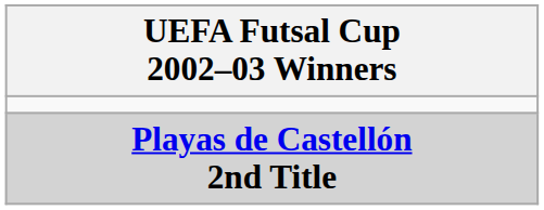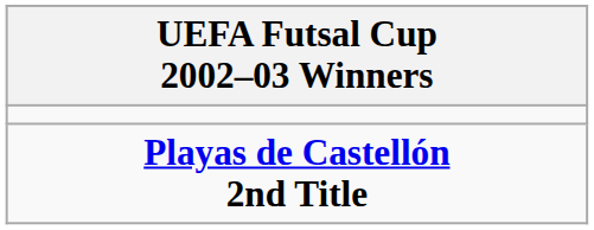 <table class="wikitable" style="text-align: center; margin: 0 auto; width: 20%">
 <tr>
 <th>UEFA Futsal Cup <br>2002–03 Winners</th>
 </tr>
 <tr>
 <td></td>
 </tr>
 <tr>
-<td style="background: lightgrey;"><strong><a href='#'>Playas de Castellón</a></strong><br><strong>2nd Title</strong></td>
+<td><strong><a href='#'>Playas de Castellón</a></strong><br><strong>2nd Title</strong></td>
 </tr>
 </table>
